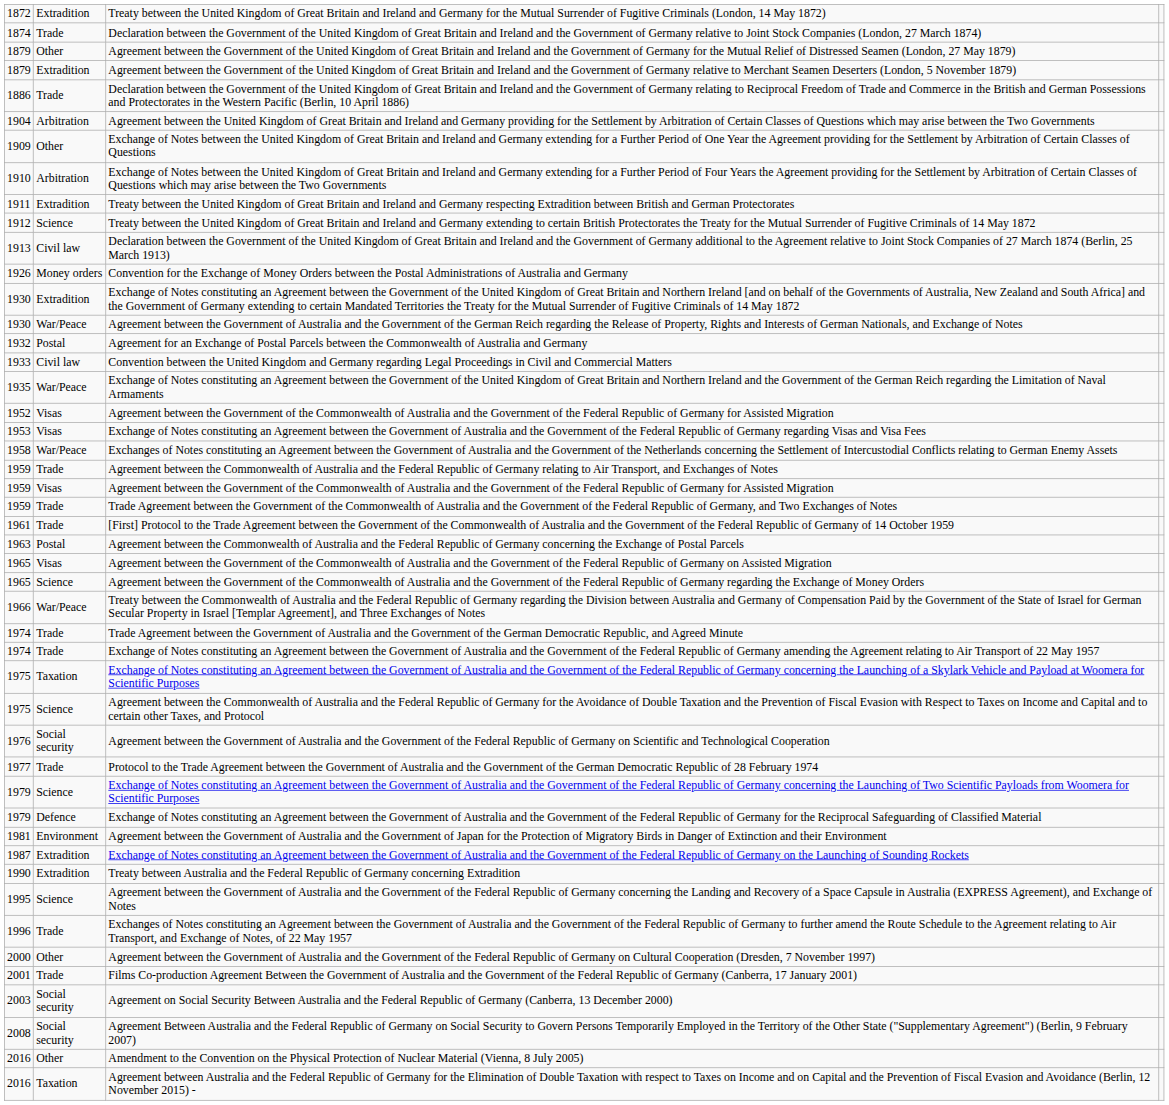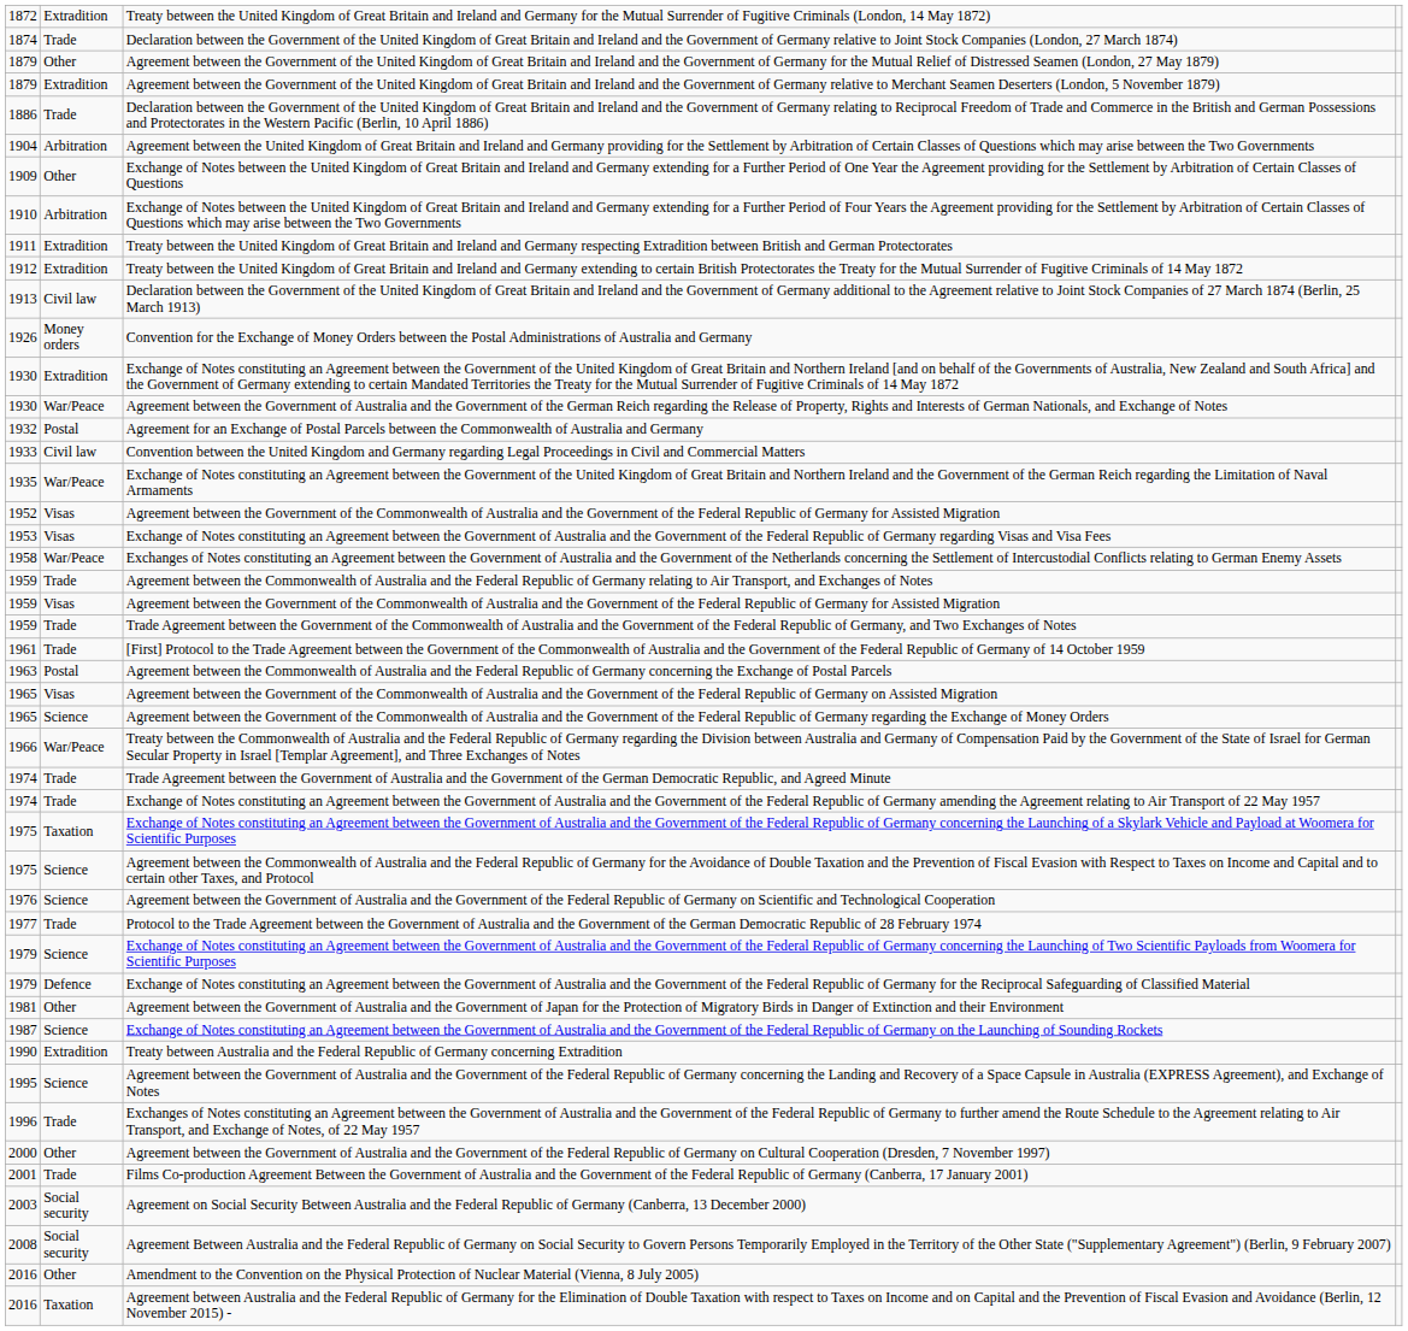 <table class="wikitable sortable">
 <tr>
 <td>1872</td>
 <td>Extradition</td>
 <td>Treaty between the United Kingdom of Great Britain and Ireland and Germany for the Mutual Surrender of Fugitive Criminals (London, 14 May 1872)</td>
 <td></td>
 </tr>
 <tr>
 <td>1874</td>
 <td>Trade</td>
 <td>Declaration between the Government of the United Kingdom of Great Britain and Ireland and the Government of Germany relative to Joint Stock Companies (London, 27 March 1874)</td>
 <td></td>
 </tr>
 <tr>
 <td>1879</td>
 <td>Other</td>
 <td>Agreement between the Government of the United Kingdom of Great Britain and Ireland and the Government of Germany for the Mutual Relief of Distressed Seamen (London, 27 May 1879)</td>
 <td></td>
 </tr>
 <tr>
 <td>1879</td>
 <td>Extradition</td>
 <td>Agreement between the Government of the United Kingdom of Great Britain and Ireland and the Government of Germany relative to Merchant Seamen Deserters (London, 5 November 1879)</td>
 <td></td>
 </tr>
 <tr>
 <td>1886</td>
 <td>Trade</td>
 <td>Declaration between the Government of the United Kingdom of Great Britain and Ireland and the Government of Germany relating to Reciprocal Freedom of Trade and Commerce in the British and German Possessions and Protectorates in the Western Pacific (Berlin, 10 April 1886)</td>
 <td></td>
 </tr>
 <tr>
 <td>1904</td>
 <td>Arbitration</td>
 <td>Agreement between the United Kingdom of Great Britain and Ireland and Germany providing for the Settlement by Arbitration of Certain Classes of Questions which may arise between the Two Governments</td>
 <td></td>
 </tr>
 <tr>
 <td>1909</td>
 <td>Other</td>
 <td>Exchange of Notes between the United Kingdom of Great Britain and Ireland and Germany extending for a Further Period of One Year the Agreement providing for the Settlement by Arbitration of Certain Classes of Questions</td>
 <td></td>
 </tr>
 <tr>
 <td>1910</td>
 <td>Arbitration</td>
 <td>Exchange of Notes between the United Kingdom of Great Britain and Ireland and Germany extending for a Further Period of Four Years the Agreement providing for the Settlement by Arbitration of Certain Classes of Questions which may arise between the Two Governments</td>
 <td></td>
 </tr>
 <tr>
 <td>1911</td>
 <td>Extradition</td>
 <td>Treaty between the United Kingdom of Great Britain and Ireland and Germany respecting Extradition between British and German Protectorates</td>
 <td></td>
 </tr>
 <tr>
 <td>1912</td>
-<td>Science</td>
+<td>Extradition</td>
 <td>Treaty between the United Kingdom of Great Britain and Ireland and Germany extending to certain British Protectorates the Treaty for the Mutual Surrender of Fugitive Criminals of 14 May 1872</td>
 <td></td>
 </tr>
 <tr>
 <td>1913</td>
 <td>Civil law</td>
 <td>Declaration between the Government of the United Kingdom of Great Britain and Ireland and the Government of Germany additional to the Agreement relative to Joint Stock Companies of 27 March 1874 (Berlin, 25 March 1913)</td>
 <td></td>
 </tr>
 <tr>
 <td>1926</td>
 <td>Money orders</td>
 <td>Convention for the Exchange of Money Orders between the Postal Administrations of Australia and Germany</td>
 <td></td>
 </tr>
 <tr>
 <td>1930</td>
 <td>Extradition</td>
 <td>Exchange of Notes constituting an Agreement between the Government of the United Kingdom of Great Britain and Northern Ireland [and on behalf of the Governments of Australia, New Zealand and South Africa] and the Government of Germany extending to certain Mandated Territories the Treaty for the Mutual Surrender of Fugitive Criminals of 14 May 1872</td>
 <td></td>
 </tr>
 <tr>
 <td>1930</td>
 <td>War/Peace</td>
 <td>Agreement between the Government of Australia and the Government of the German Reich regarding the Release of Property, Rights and Interests of German Nationals, and Exchange of Notes</td>
 <td></td>
 </tr>
 <tr>
 <td>1932</td>
 <td>Postal</td>
 <td>Agreement for an Exchange of Postal Parcels between the Commonwealth of Australia and Germany</td>
 <td></td>
 </tr>
 <tr>
 <td>1933</td>
 <td>Civil law</td>
 <td>Convention between the United Kingdom and Germany regarding Legal Proceedings in Civil and Commercial Matters</td>
 <td></td>
 </tr>
 <tr>
 <td>1935</td>
 <td>War/Peace</td>
 <td>Exchange of Notes constituting an Agreement between the Government of the United Kingdom of Great Britain and Northern Ireland and the Government of the German Reich regarding the Limitation of Naval Armaments</td>
 <td></td>
 </tr>
 <tr>
 <td>1952</td>
 <td>Visas</td>
 <td>Agreement between the Government of the Commonwealth of Australia and the Government of the Federal Republic of Germany for Assisted Migration</td>
 <td></td>
 </tr>
 <tr>
 <td>1953</td>
 <td>Visas</td>
 <td>Exchange of Notes constituting an Agreement between the Government of Australia and the Government of the Federal Republic of Germany regarding Visas and Visa Fees</td>
 <td></td>
 </tr>
 <tr>
 <td>1958</td>
 <td>War/Peace</td>
 <td>Exchanges of Notes constituting an Agreement between the Government of Australia and the Government of the Netherlands concerning the Settlement of Intercustodial Conflicts relating to German Enemy Assets</td>
 <td></td>
 </tr>
 <tr>
 <td>1959</td>
 <td>Trade</td>
 <td>Agreement between the Commonwealth of Australia and the Federal Republic of Germany relating to Air Transport, and Exchanges of Notes</td>
 <td></td>
 </tr>
 <tr>
 <td>1959</td>
 <td>Visas</td>
 <td>Agreement between the Government of the Commonwealth of Australia and the Government of the Federal Republic of Germany for Assisted Migration</td>
 <td></td>
 </tr>
 <tr>
 <td>1959</td>
 <td>Trade</td>
 <td>Trade Agreement between the Government of the Commonwealth of Australia and the Government of the Federal Republic of Germany, and Two Exchanges of Notes</td>
 <td></td>
 </tr>
 <tr>
 <td>1961</td>
 <td>Trade</td>
 <td>[First] Protocol to the Trade Agreement between the Government of the Commonwealth of Australia and the Government of the Federal Republic of Germany of 14 October 1959</td>
 <td></td>
 </tr>
 <tr>
 <td>1963</td>
 <td>Postal</td>
 <td>Agreement between the Commonwealth of Australia and the Federal Republic of Germany concerning the Exchange of Postal Parcels</td>
 <td></td>
 </tr>
 <tr>
 <td>1965</td>
 <td>Visas</td>
 <td>Agreement between the Government of the Commonwealth of Australia and the Government of the Federal Republic of Germany on Assisted Migration</td>
 <td></td>
 </tr>
 <tr>
 <td>1965</td>
 <td>Science</td>
 <td>Agreement between the Government of the Commonwealth of Australia and the Government of the Federal Republic of Germany regarding the Exchange of Money Orders</td>
 <td></td>
 </tr>
 <tr>
 <td>1966</td>
 <td>War/Peace</td>
 <td>Treaty between the Commonwealth of Australia and the Federal Republic of Germany regarding the Division between Australia and Germany of Compensation Paid by the Government of the State of Israel for German Secular Property in Israel [Templar Agreement], and Three Exchanges of Notes</td>
 <td></td>
 </tr>
 <tr>
 <td>1974</td>
 <td>Trade</td>
 <td>Trade Agreement between the Government of Australia and the Government of the German Democratic Republic, and Agreed Minute</td>
 <td></td>
 </tr>
 <tr>
 <td>1974</td>
 <td>Trade</td>
 <td>Exchange of Notes constituting an Agreement between the Government of Australia and the Government of the Federal Republic of Germany amending the Agreement relating to Air Transport of 22 May 1957</td>
 <td></td>
 </tr>
 <tr>
 <td>1975</td>
 <td>Taxation</td>
 <td><a href='#'>Exchange of Notes constituting an Agreement between the Government of Australia and the Government of the Federal Republic of Germany concerning the Launching of a Skylark Vehicle and Payload at Woomera for Scientific Purposes</a></td>
 <td></td>
 </tr>
 <tr>
 <td>1975</td>
 <td>Science</td>
 <td>Agreement between the Commonwealth of Australia and the Federal Republic of Germany for the Avoidance of Double Taxation and the Prevention of Fiscal Evasion with Respect to Taxes on Income and Capital and to certain other Taxes, and Protocol</td>
 <td></td>
 </tr>
 <tr>
 <td>1976</td>
-<td>Social security</td>
+<td>Science</td>
 <td>Agreement between the Government of Australia and the Government of the Federal Republic of Germany on Scientific and Technological Cooperation</td>
 <td></td>
 </tr>
 <tr>
 <td>1977</td>
 <td>Trade</td>
 <td>Protocol to the Trade Agreement between the Government of Australia and the Government of the German Democratic Republic of 28 February 1974</td>
 <td></td>
 </tr>
 <tr>
 <td>1979</td>
 <td>Science</td>
 <td><a href='#'>Exchange of Notes constituting an Agreement between the Government of Australia and the Government of the Federal Republic of Germany concerning the Launching of Two Scientific Payloads from Woomera for Scientific Purposes</a></td>
 <td></td>
 </tr>
 <tr>
 <td>1979</td>
 <td>Defence</td>
 <td>Exchange of Notes constituting an Agreement between the Government of Australia and the Government of the Federal Republic of Germany for the Reciprocal Safeguarding of Classified Material</td>
 <td></td>
 </tr>
 <tr>
 <td>1981</td>
-<td>Environment</td>
+<td>Other</td>
 <td>Agreement between the Government of Australia and the Government of Japan for the Protection of Migratory Birds in Danger of Extinction and their Environment</td>
 <td></td>
 </tr>
 <tr>
 <td>1987</td>
-<td>Extradition</td>
+<td>Science</td>
 <td><a href='#'>Exchange of Notes constituting an Agreement between the Government of Australia and the Government of the Federal Republic of Germany on the Launching of Sounding Rockets</a></td>
 <td></td>
 </tr>
 <tr>
 <td>1990</td>
 <td>Extradition</td>
 <td>Treaty between Australia and the Federal Republic of Germany concerning Extradition</td>
 <td></td>
 </tr>
 <tr>
 <td>1995</td>
 <td>Science</td>
 <td>Agreement between the Government of Australia and the Government of the Federal Republic of Germany concerning the Landing and Recovery of a Space Capsule in Australia (EXPRESS Agreement), and Exchange of Notes</td>
 <td></td>
 </tr>
 <tr>
 <td>1996</td>
 <td>Trade</td>
 <td>Exchanges of Notes constituting an Agreement between the Government of Australia and the Government of the Federal Republic of Germany to further amend the Route Schedule to the Agreement relating to Air Transport, and Exchange of Notes, of 22 May 1957</td>
 <td></td>
 </tr>
 <tr>
 <td>2000</td>
 <td>Other</td>
 <td>Agreement between the Government of Australia and the Government of the Federal Republic of Germany on Cultural Cooperation (Dresden, 7 November 1997)</td>
 <td></td>
 </tr>
 <tr>
 <td>2001</td>
 <td>Trade</td>
 <td>Films Co-production Agreement Between the Government of Australia and the Government of the Federal Republic of Germany (Canberra, 17 January 2001)</td>
 <td></td>
 </tr>
 <tr>
 <td>2003</td>
 <td>Social security</td>
 <td>Agreement on Social Security Between Australia and the Federal Republic of Germany (Canberra, 13 December 2000)</td>
 <td></td>
 </tr>
 <tr>
 <td>2008</td>
 <td>Social security</td>
 <td>Agreement Between Australia and the Federal Republic of Germany on Social Security to Govern Persons Temporarily Employed in the Territory of the Other State ("Supplementary Agreement") (Berlin, 9 February 2007)</td>
 <td></td>
 </tr>
 <tr>
 <td>2016</td>
 <td>Other</td>
 <td>Amendment to the Convention on the Physical Protection of Nuclear Material (Vienna, 8 July 2005)</td>
 <td></td>
 </tr>
 <tr>
 <td>2016</td>
 <td>Taxation</td>
 <td>Agreement between Australia and the Federal Republic of Germany for the Elimination of Double Taxation with respect to Taxes on Income and on Capital and the Prevention of Fiscal Evasion and Avoidance (Berlin, 12 November 2015) -</td>
 <td></td>
 </tr>
 </table>
